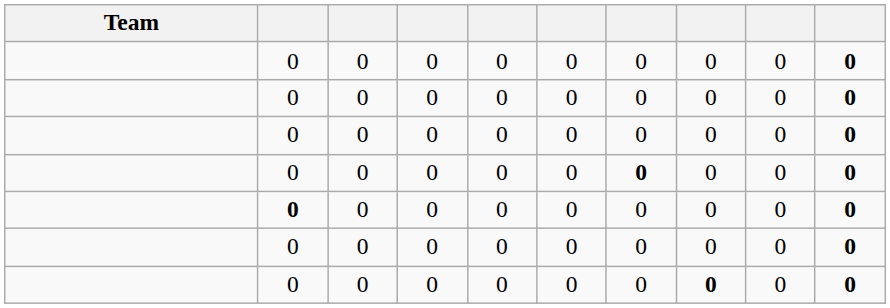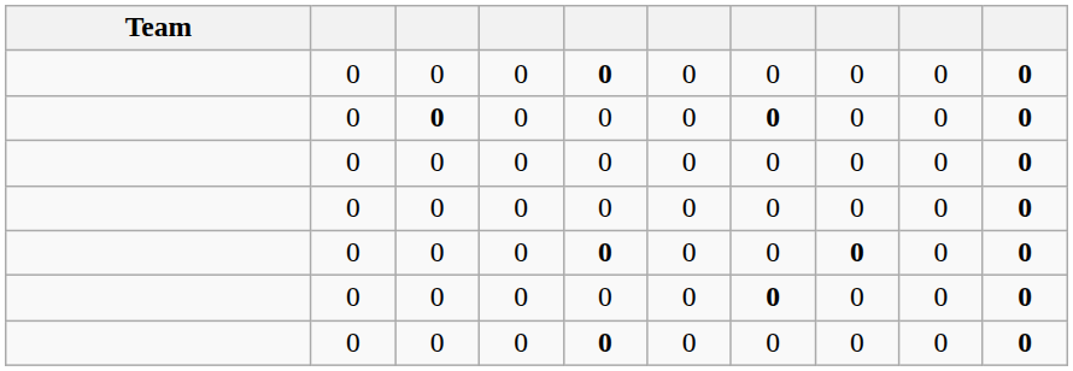 <table class="wikitable" style="text-align:center;">
 <tr>
 <th width=165>Team</th>
 <th width=40></th>
 <th width=40></th>
 <th width=40></th>
 <th width=40></th>
 <th width=40></th>
 <th width=40></th>
 <th width=40></th>
 <th width=40></th>
 <th width=40></th>
 </tr>
 <tr style="background:">
 <td style="text-align:left;"></td>
 <td>0</td>
 <td>0</td>
 <td>0</td>
+<td><strong>0</strong></td>
 <td>0</td>
 <td>0</td>
 <td>0</td>
+<td>0</td>
+<td><strong>0</strong></td>
+</tr>
+<tr style="background:">
+<td style="text-align:left;"></td>
+<td>0</td>
+<td><strong>0</strong></td>
+<td>0</td>
+<td>0</td>
+<td>0</td>
+<td><strong>0</strong></td>
 <td>0</td>
 <td>0</td>
 <td><strong>0</strong></td>
 </tr>
 <tr style="background:">
 <td style="text-align:left;"></td>
 <td>0</td>
 <td>0</td>
 <td>0</td>
 <td>0</td>
 <td>0</td>
 <td>0</td>
 <td>0</td>
 <td>0</td>
 <td><strong>0</strong></td>
 </tr>
 <tr style="background:">
 <td style="text-align:left;"></td>
 <td>0</td>
 <td>0</td>
 <td>0</td>
 <td>0</td>
 <td>0</td>
 <td>0</td>
 <td>0</td>
 <td>0</td>
 <td><strong>0</strong></td>
 </tr>
 <tr style="background:">
 <td style="text-align:left;"></td>
 <td>0</td>
 <td>0</td>
 <td>0</td>
-<td>0</td>
-<td>0</td>
 <td><strong>0</strong></td>
 <td>0</td>
 <td>0</td>
 <td><strong>0</strong></td>
-</tr>
-<tr style="background:">
-<td style="text-align:left;"></td>
-<td><strong>0</strong></td>
-<td>0</td>
-<td>0</td>
-<td>0</td>
-<td>0</td>
-<td>0</td>
-<td>0</td>
 <td>0</td>
 <td><strong>0</strong></td>
 </tr>
 <tr style="background:">
 <td style="text-align:left;"><strong></strong></td>
 <td>0</td>
 <td>0</td>
 <td>0</td>
 <td>0</td>
 <td>0</td>
-<td>0</td>
+<td><strong>0</strong></td>
 <td>0</td>
 <td>0</td>
 <td><strong>0</strong></td>
 </tr>
 <tr style="background:">
 <td style="text-align:left;"></td>
 <td>0</td>
 <td>0</td>
 <td>0</td>
+<td><strong>0</strong></td>
+<td>0</td>
 <td>0</td>
 <td>0</td>
 <td>0</td>
 <td><strong>0</strong></td>
-<td>0</td>
-<td><strong>0</strong></td>
 </tr>
 </table>
